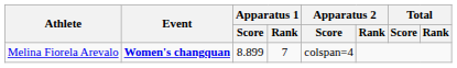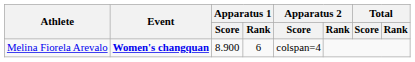 <table class=wikitable style=font-size:90%;text-align:center>
 <tr>
 <th rowspan=2>Athlete</th>
 <th rowspan=2>Event</th>
 <th colspan=2>Apparatus 1</th>
 <th colspan=2>Apparatus 2</th>
 <th colspan=2>Total</th>
 </tr>
 <tr style=font-size:95%>
 <th>Score</th>
 <th>Rank</th>
 <th>Score</th>
 <th>Rank</th>
 <th>Score</th>
 <th>Rank</th>
 </tr>
 <tr>
 <td align=left><a href='#'>Melina Fiorela Arevalo</a></td>
 <td align=left><strong><a href='#'>Women's changquan</a></strong></td>
-<td>8.899</td>
-<td>7</td>
+<td>8.900</td>
+<td>6</td>
 <td>colspan=4 </td>
 </tr>
 </table>
